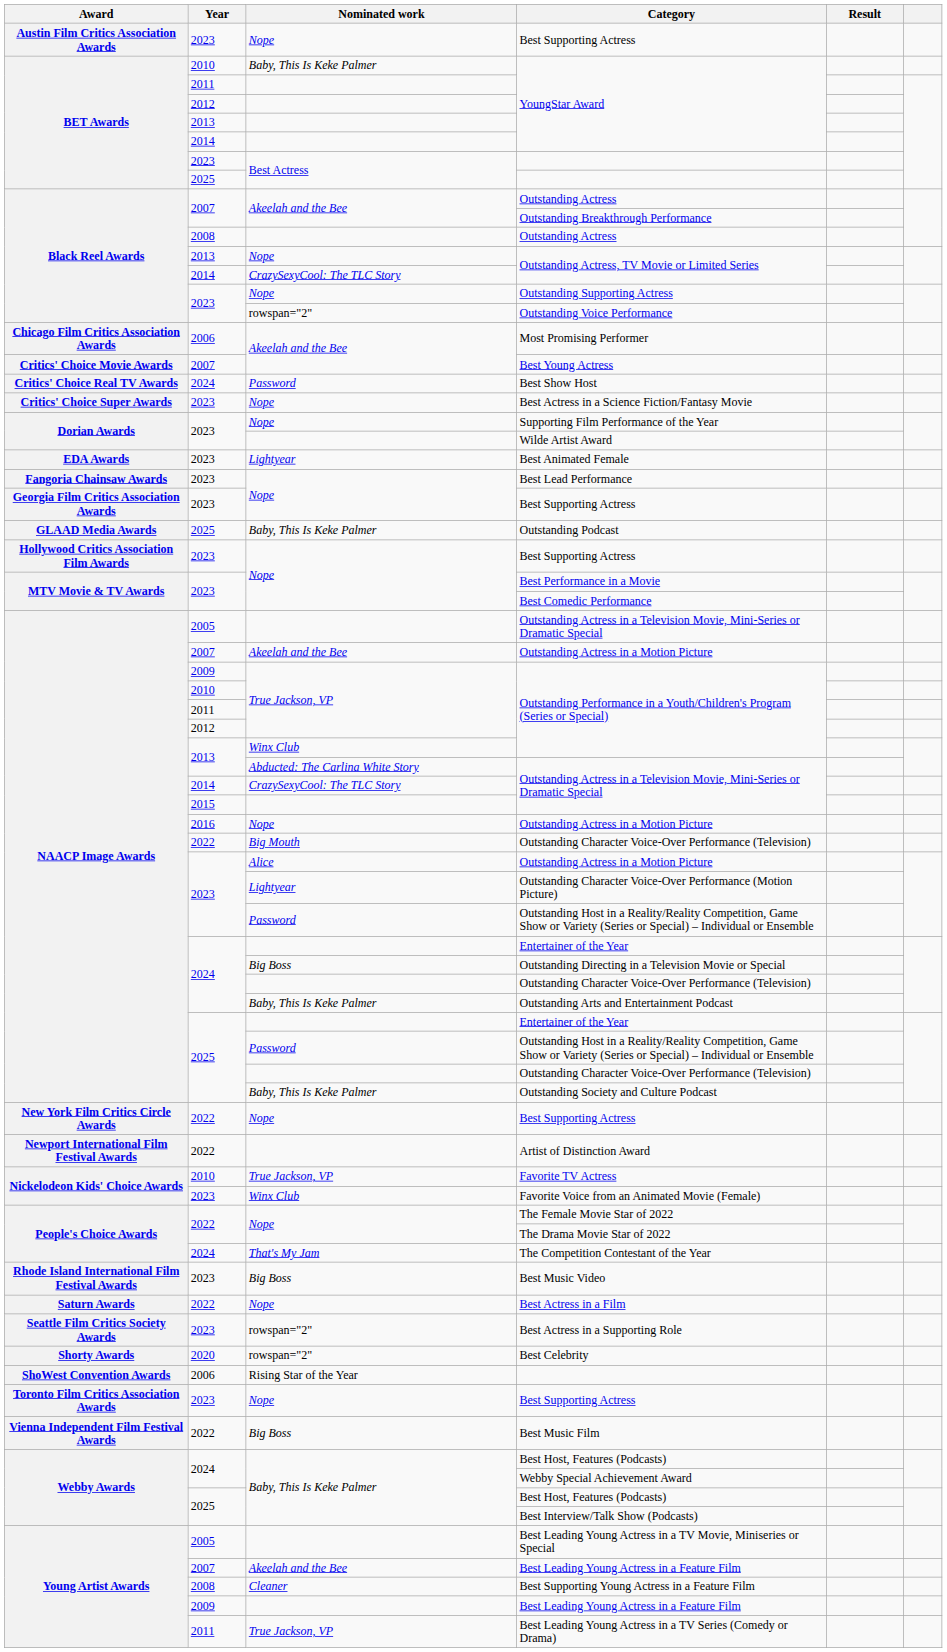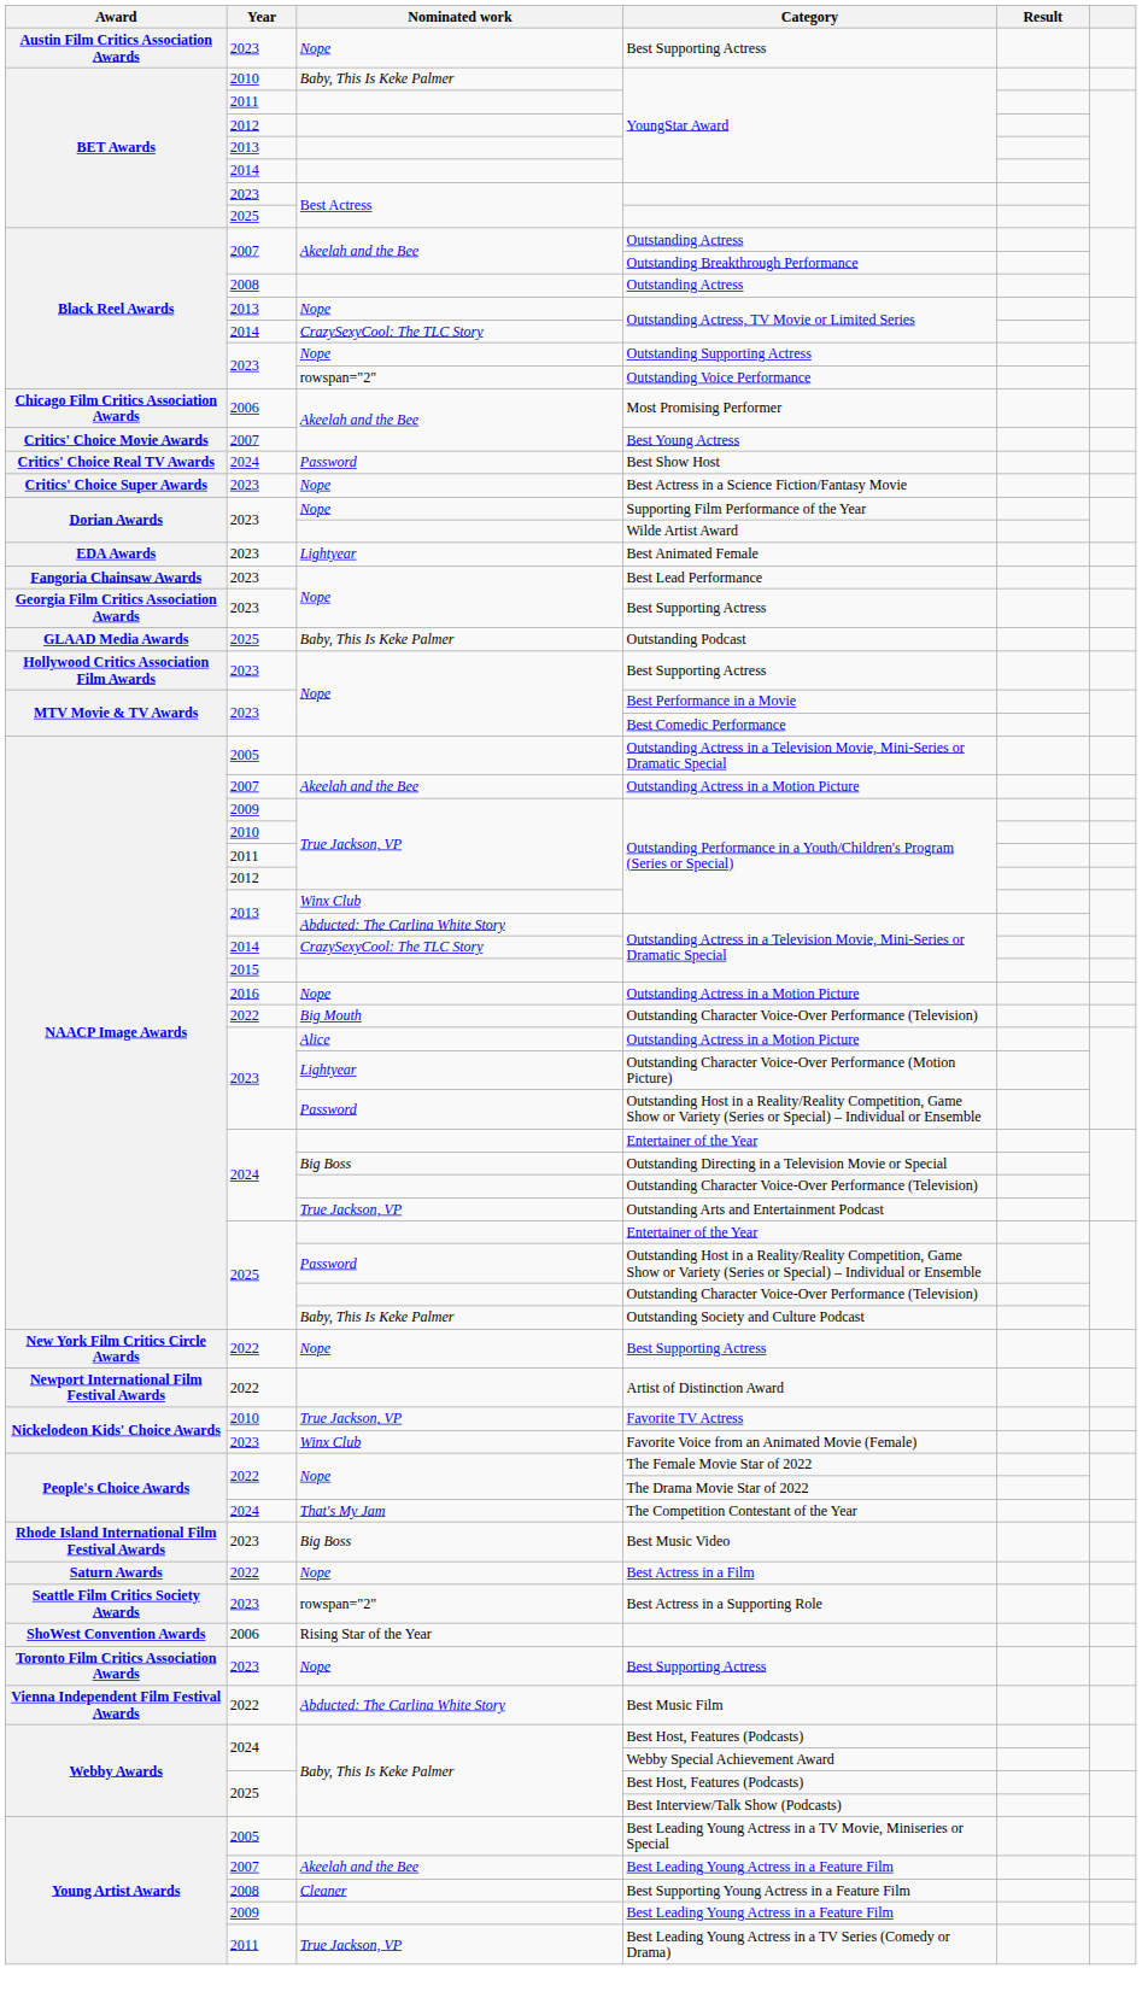 <table class="wikitable sortable plainrowheaders" style="width:99%;">
 <tr>
 <th scope="col" style="width:19%;">Award</th>
 <th scope="col" style="width:6%;">Year</th>
 <th scope="col" style="width:28%;">Nominated work</th>
 <th scope="col" style="width:32%;">Category</th>
 <th scope="col" style="width:8%;">Result</th>
 <th scope="col" style="width:4%;" class="unsortable"></th>
 </tr>
 <tr>
 <th scope="row"><a href='#'>Austin Film Critics Association Awards</a></th>
 <td><a href='#'>2023</a></td>
 <td><em><a href='#'>Nope</a></em></td>
 <td>Best Supporting Actress</td>
 <td></td>
 <td style="text-align:center;"></td>
 </tr>
 <tr>
 <th scope="row" rowspan="7"><a href='#'>BET Awards</a></th>
 <td><a href='#'>2010</a></td>
 <td><em>Baby, This Is Keke Palmer</em></td>
 <td rowspan="5"><a href='#'>YoungStar Award</a></td>
 <td></td>
 <td style="text-align:center;"></td>
 </tr>
 <tr>
 <td><a href='#'>2011</a></td>
 <td></td>
 <td style="text-align:center;"></td>
 </tr>
 <tr>
 <td><a href='#'>2012</a></td>
 <td></td>
 <td style="text-align:center;"></td>
 </tr>
 <tr>
 <td><a href='#'>2013</a></td>
 <td></td>
 <td style="text-align:center;"></td>
 </tr>
 <tr>
 <td><a href='#'>2014</a></td>
 <td></td>
 <td style="text-align:center;"></td>
 </tr>
 <tr>
 <td><a href='#'>2023</a></td>
 <td rowspan="2"><a href='#'>Best Actress</a></td>
 <td></td>
 <td style="text-align:center;"></td>
 </tr>
 <tr>
 <td><a href='#'>2025</a></td>
 <td></td>
 <td style="text-align:center;"></td>
 </tr>
 <tr>
 <th scope="row" rowspan="7"><a href='#'>Black Reel Awards</a></th>
 <td rowspan="2"><a href='#'>2007</a></td>
 <td rowspan="2"><em><a href='#'>Akeelah and the Bee</a></em></td>
 <td><a href='#'>Outstanding Actress</a></td>
 <td></td>
 <td style="text-align:center;" rowspan="3"></td>
 </tr>
 <tr>
 <td><a href='#'>Outstanding Breakthrough Performance</a></td>
 <td></td>
 </tr>
 <tr>
 <td><a href='#'>2008</a></td>
 <td></td>
 <td><a href='#'>Outstanding Actress</a></td>
 <td></td>
 </tr>
 <tr>
 <td><a href='#'>2013</a></td>
 <td><em><a href='#'>Nope</a></em></td>
 <td rowspan="2"><a href='#'>Outstanding Actress, TV Movie or Limited Series</a></td>
 <td></td>
 <td style="text-align:center;" rowspan="2"></td>
 </tr>
 <tr>
 <td><a href='#'>2014</a></td>
 <td><em><a href='#'>CrazySexyCool: The TLC Story</a></em></td>
 <td></td>
 </tr>
 <tr>
 <td rowspan="2"><a href='#'>2023</a></td>
 <td><em><a href='#'>Nope</a></em></td>
 <td><a href='#'>Outstanding Supporting Actress</a></td>
 <td></td>
 <td style="text-align:center;" rowspan="2"></td>
 </tr>
 <tr>
 <td>rowspan="2" </td>
 <td><a href='#'>Outstanding Voice Performance</a></td>
 <td></td>
 </tr>
 <tr>
 <th scope="row"><a href='#'>Chicago Film Critics Association Awards</a></th>
 <td><a href='#'>2006</a></td>
 <td rowspan="2"><em><a href='#'>Akeelah and the Bee</a></em></td>
 <td>Most Promising Performer</td>
 <td></td>
 <td style="text-align:center;"></td>
 </tr>
 <tr>
 <th scope="row"><a href='#'>Critics' Choice Movie Awards</a></th>
 <td><a href='#'>2007</a></td>
 <td><a href='#'>Best Young Actress</a></td>
 <td></td>
 <td style="text-align:center;"></td>
 </tr>
 <tr>
 <th scope="row"><a href='#'>Critics' Choice Real TV Awards</a></th>
 <td><a href='#'>2024</a></td>
 <td><em><a href='#'>Password</a></em></td>
 <td>Best Show Host</td>
 <td></td>
 <td style="text-align:center;"></td>
 </tr>
 <tr>
 <th scope="row"><a href='#'>Critics' Choice Super Awards</a></th>
 <td><a href='#'>2023</a></td>
 <td><em><a href='#'>Nope</a></em></td>
 <td>Best Actress in a Science Fiction/Fantasy Movie</td>
 <td></td>
 <td style="text-align:center;"></td>
 </tr>
 <tr>
 <th scope="row" rowspan="2"><a href='#'>Dorian Awards</a></th>
 <td rowspan="2">2023</td>
 <td><em><a href='#'>Nope</a></em></td>
 <td>Supporting Film Performance of the Year</td>
 <td></td>
 <td style="text-align:center;" rowspan="2"></td>
 </tr>
 <tr>
 <td></td>
 <td>Wilde Artist Award</td>
 <td></td>
 </tr>
 <tr>
 <th scope="row"><a href='#'>EDA Awards</a></th>
 <td>2023</td>
 <td><em><a href='#'>Lightyear</a></em></td>
 <td>Best Animated Female</td>
 <td></td>
 <td style="text-align:center;"></td>
 </tr>
 <tr>
 <th scope="row"><a href='#'>Fangoria Chainsaw Awards</a></th>
 <td>2023</td>
 <td rowspan="2"><em><a href='#'>Nope</a></em></td>
 <td>Best Lead Performance</td>
 <td></td>
 <td style="text-align:center;"></td>
 </tr>
 <tr>
 <th scope="row"><a href='#'>Georgia Film Critics Association Awards</a></th>
 <td>2023</td>
 <td>Best Supporting Actress</td>
 <td></td>
 <td style="text-align:center;"></td>
 </tr>
 <tr>
 <th scope="row"><a href='#'>GLAAD Media Awards</a></th>
 <td><a href='#'>2025</a></td>
 <td><em>Baby, This Is Keke Palmer</em></td>
 <td>Outstanding Podcast</td>
 <td></td>
 <td style="text-align:center;"></td>
 </tr>
 <tr>
 <th scope="row"><a href='#'>Hollywood Critics Association Film Awards</a></th>
 <td><a href='#'>2023</a></td>
 <td rowspan="3"><em><a href='#'>Nope</a></em></td>
 <td>Best Supporting Actress</td>
 <td></td>
 <td style="text-align:center;"></td>
 </tr>
 <tr>
 <th scope="row" rowspan="2"><a href='#'>MTV Movie & TV Awards</a></th>
 <td rowspan="2"><a href='#'>2023</a></td>
 <td><a href='#'>Best Performance in a Movie</a></td>
 <td></td>
 <td style="text-align:center;" rowspan="2"></td>
 </tr>
 <tr>
 <td><a href='#'>Best Comedic Performance</a></td>
 <td></td>
 </tr>
 <tr>
 <th scope="row" rowspan="23"><a href='#'>NAACP Image Awards</a></th>
 <td><a href='#'>2005</a></td>
 <td></td>
 <td><a href='#'>Outstanding Actress in a Television Movie, Mini-Series or Dramatic Special</a></td>
 <td></td>
 <td style="text-align:center;"></td>
 </tr>
 <tr>
 <td><a href='#'>2007</a></td>
 <td><em><a href='#'>Akeelah and the Bee</a></em></td>
 <td><a href='#'>Outstanding Actress in a Motion Picture</a></td>
 <td></td>
 <td style="text-align:center;"></td>
 </tr>
 <tr>
 <td><a href='#'>2009</a></td>
 <td rowspan="4"><em><a href='#'>True Jackson, VP</a></em></td>
 <td rowspan="5"><a href='#'>Outstanding Performance in a Youth/Children's Program (Series or Special)</a></td>
 <td></td>
 <td style="text-align:center;"></td>
 </tr>
 <tr>
 <td><a href='#'>2010</a></td>
 <td></td>
 <td style="text-align:center;"></td>
 </tr>
 <tr>
 <td>2011</td>
 <td></td>
 <td style="text-align:center;"></td>
 </tr>
 <tr>
 <td>2012</td>
 <td></td>
 <td style="text-align:center;"></td>
 </tr>
 <tr>
 <td rowspan="2"><a href='#'>2013</a></td>
 <td><em><a href='#'>Winx Club</a></em></td>
 <td></td>
 <td style="text-align:center;" rowspan="2"></td>
 </tr>
 <tr>
 <td><em><a href='#'>Abducted: The Carlina White Story</a></em></td>
 <td rowspan="3"><a href='#'>Outstanding Actress in a Television Movie, Mini-Series or Dramatic Special</a></td>
 <td></td>
 </tr>
 <tr>
 <td><a href='#'>2014</a></td>
 <td><em><a href='#'>CrazySexyCool: The TLC Story</a></em></td>
 <td></td>
 <td style="text-align:center;"></td>
 </tr>
 <tr>
 <td><a href='#'>2015</a></td>
 <td></td>
 <td></td>
 <td style="text-align:center;"></td>
 </tr>
 <tr>
 <td><a href='#'>2016</a></td>
 <td><em><a href='#'>Nope</a></em></td>
 <td><a href='#'>Outstanding Actress in a Motion Picture</a></td>
 <td></td>
 <td style="text-align:center;"></td>
 </tr>
 <tr>
 <td><a href='#'>2022</a></td>
 <td><em><a href='#'>Big Mouth</a></em></td>
 <td>Outstanding Character Voice-Over Performance (Television)</td>
 <td></td>
 <td style="text-align:center;"></td>
 </tr>
 <tr>
 <td rowspan="3"><a href='#'>2023</a></td>
 <td><em><a href='#'>Alice</a></em></td>
 <td><a href='#'>Outstanding Actress in a Motion Picture</a></td>
 <td></td>
 <td style="text-align:center;" rowspan="3"></td>
 </tr>
 <tr>
 <td><em><a href='#'>Lightyear</a></em></td>
 <td>Outstanding Character Voice-Over Performance (Motion Picture)</td>
 <td></td>
 </tr>
 <tr>
 <td><em><a href='#'>Password</a></em></td>
 <td>Outstanding Host in a Reality/Reality Competition, Game Show or Variety (Series or Special) – Individual or Ensemble</td>
 <td></td>
 </tr>
 <tr>
 <td rowspan="4"><a href='#'>2024</a></td>
 <td></td>
 <td><a href='#'>Entertainer of the Year</a></td>
 <td></td>
 <td style="text-align:center;" rowspan="4"></td>
 </tr>
 <tr>
 <td><em>Big Boss</em></td>
 <td>Outstanding Directing in a Television Movie or Special</td>
 <td></td>
 </tr>
 <tr>
 <td></td>
 <td>Outstanding Character Voice-Over Performance (Television)</td>
 <td></td>
 </tr>
 <tr>
-<td><em>Baby, This Is Keke Palmer</em></td>
+<td><em><a href='#'>True Jackson, VP</a></em></td>
 <td>Outstanding Arts and Entertainment Podcast</td>
 <td></td>
 </tr>
 <tr>
 <td rowspan="4"><a href='#'>2025</a></td>
 <td></td>
 <td><a href='#'>Entertainer of the Year</a></td>
 <td></td>
 <td style="text-align:center;" rowspan="4"><br></td>
 </tr>
 <tr>
 <td><em><a href='#'>Password</a></em></td>
 <td>Outstanding Host in a Reality/Reality Competition, Game Show or Variety (Series or Special) – Individual or Ensemble</td>
 <td></td>
 </tr>
 <tr>
 <td></td>
 <td>Outstanding Character Voice-Over Performance (Television)</td>
 <td></td>
 </tr>
 <tr>
 <td><em>Baby, This Is Keke Palmer</em></td>
 <td>Outstanding Society and Culture Podcast</td>
 <td></td>
 </tr>
 <tr>
 <th scope="row"><a href='#'>New York Film Critics Circle Awards</a></th>
 <td><a href='#'>2022</a></td>
 <td><em><a href='#'>Nope</a></em></td>
 <td><a href='#'>Best Supporting Actress</a></td>
 <td></td>
 <td style="text-align:center;"></td>
 </tr>
 <tr>
 <th scope="row"><a href='#'>Newport International Film Festival Awards</a></th>
 <td>2022</td>
 <td></td>
 <td>Artist of Distinction Award</td>
 <td></td>
 <td style="text-align:center;"></td>
 </tr>
 <tr>
 <th scope="row" rowspan="2"><a href='#'>Nickelodeon Kids' Choice Awards</a></th>
 <td><a href='#'>2010</a></td>
 <td><em><a href='#'>True Jackson, VP</a></em></td>
 <td><a href='#'>Favorite TV Actress</a></td>
 <td></td>
 <td style="text-align:center;"></td>
 </tr>
 <tr>
 <td><a href='#'>2023</a></td>
 <td><em><a href='#'>Winx Club</a></em></td>
 <td>Favorite Voice from an Animated Movie (Female)</td>
 <td></td>
 <td style="text-align:center;"></td>
 </tr>
 <tr>
 <th scope="row" rowspan="3"><a href='#'>People's Choice Awards</a></th>
 <td rowspan="2"><a href='#'>2022</a></td>
 <td rowspan="2"><em><a href='#'>Nope</a></em></td>
 <td>The Female Movie Star of 2022</td>
 <td></td>
 <td style="text-align:center;" rowspan="2"></td>
 </tr>
 <tr>
 <td>The Drama Movie Star of 2022</td>
 <td></td>
 </tr>
 <tr>
 <td><a href='#'>2024</a></td>
 <td><em><a href='#'>That's My Jam</a></em></td>
 <td>The Competition Contestant of the Year</td>
 <td></td>
 <td style="text-align:center;"></td>
 </tr>
 <tr>
 <th scope="row"><a href='#'>Rhode Island International Film Festival Awards</a></th>
 <td>2023</td>
 <td><em>Big Boss</em></td>
 <td>Best Music Video</td>
 <td></td>
 <td style="text-align:center;"></td>
 </tr>
 <tr>
 <th scope="row"><a href='#'>Saturn Awards</a></th>
 <td><a href='#'>2022</a></td>
 <td><em><a href='#'>Nope</a></em></td>
 <td><a href='#'>Best Actress in a Film</a></td>
 <td></td>
 <td style="text-align:center;"></td>
 </tr>
 <tr>
 <th scope="row"><a href='#'>Seattle Film Critics Society Awards</a></th>
 <td><a href='#'>2023</a></td>
 <td>rowspan="2" </td>
 <td>Best Actress in a Supporting Role</td>
 <td></td>
 <td style="text-align:center;"></td>
 </tr>
 <tr>
-<th scope="row"><a href='#'>Shorty Awards</a></th>
-<td><a href='#'>2020</a></td>
-<td>rowspan="2" </td>
-<td>Best Celebrity</td>
-<td></td>
-<td style="text-align:center;"></td>
-</tr>
-<tr>
 <th scope="row"><a href='#'>ShoWest Convention Awards</a></th>
 <td>2006</td>
 <td>Rising Star of the Year</td>
 <td></td>
 <td style="text-align:center;"></td>
 </tr>
 <tr>
 <th scope="row"><a href='#'>Toronto Film Critics Association Awards</a></th>
 <td><a href='#'>2023</a></td>
 <td><em><a href='#'>Nope</a></em></td>
 <td><a href='#'>Best Supporting Actress</a></td>
 <td></td>
 <td style="text-align:center;"></td>
 </tr>
 <tr>
 <th scope="row"><a href='#'>Vienna Independent Film Festival Awards</a></th>
 <td>2022</td>
-<td><em>Big Boss</em></td>
+<td><em><a href='#'>Abducted: The Carlina White Story</a></em></td>
 <td>Best Music Film</td>
 <td></td>
 <td style="text-align:center;"></td>
 </tr>
 <tr>
 <th scope="row" rowspan="4"><a href='#'>Webby Awards</a></th>
 <td rowspan="2">2024</td>
 <td rowspan="4"><em>Baby, This Is Keke Palmer</em></td>
 <td>Best Host, Features (Podcasts)</td>
 <td></td>
 <td style="text-align:center;" rowspan="2"><br></td>
 </tr>
 <tr>
 <td>Webby Special Achievement Award</td>
 <td></td>
 </tr>
 <tr>
 <td rowspan="2">2025</td>
 <td>Best Host, Features (Podcasts)</td>
 <td></td>
 <td style="text-align:center;" rowspan="2"><br></td>
 </tr>
 <tr>
 <td>Best Interview/Talk Show (Podcasts)</td>
 <td></td>
 </tr>
 <tr>
 <th scope="row" rowspan="5"><a href='#'>Young Artist Awards</a></th>
 <td><a href='#'>2005</a></td>
 <td></td>
 <td>Best Leading Young Actress in a TV Movie, Miniseries or Special</td>
 <td></td>
 <td style="text-align:center;"></td>
 </tr>
 <tr>
 <td><a href='#'>2007</a></td>
 <td><em><a href='#'>Akeelah and the Bee</a></em></td>
 <td><a href='#'>Best Leading Young Actress in a Feature Film</a></td>
 <td></td>
 <td style="text-align:center;"></td>
 </tr>
 <tr>
 <td><a href='#'>2008</a></td>
 <td><em><a href='#'>Cleaner</a></em></td>
 <td>Best Supporting Young Actress in a Feature Film</td>
 <td></td>
 <td style="text-align:center;"></td>
 </tr>
 <tr>
 <td><a href='#'>2009</a></td>
 <td></td>
 <td><a href='#'>Best Leading Young Actress in a Feature Film</a></td>
 <td></td>
 <td style="text-align:center;"></td>
 </tr>
 <tr>
 <td><a href='#'>2011</a></td>
 <td><em><a href='#'>True Jackson, VP</a></em></td>
 <td>Best Leading Young Actress in a TV Series (Comedy or Drama)</td>
 <td></td>
 <td style="text-align:center;"></td>
 </tr>
 </table>
